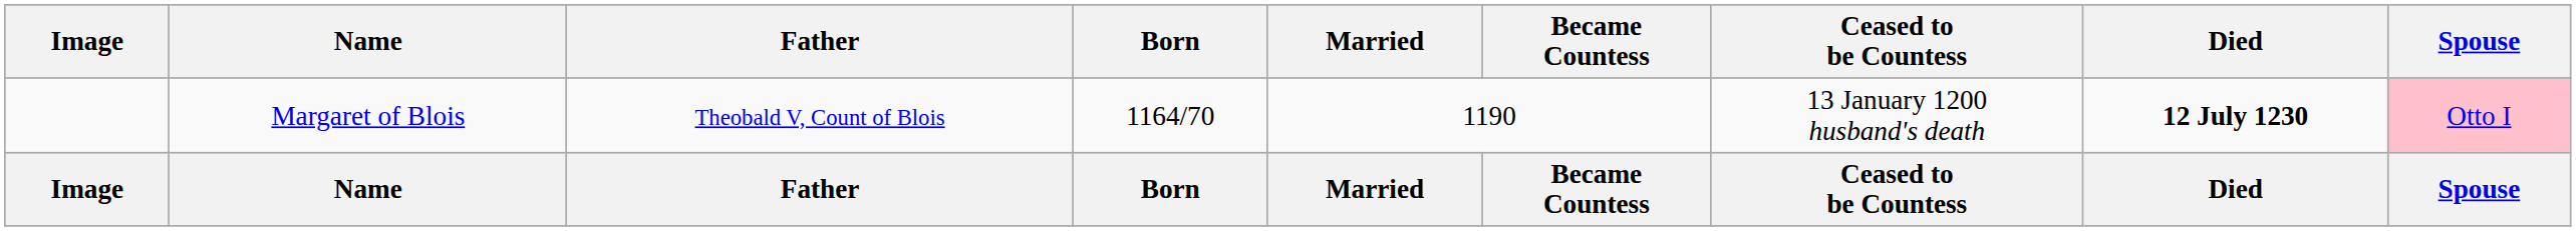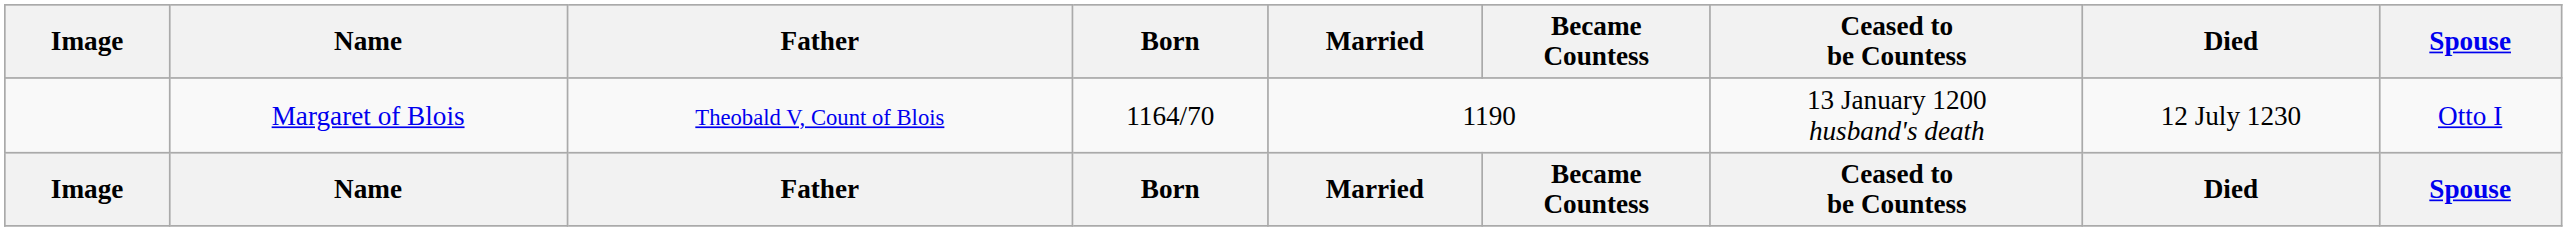 <table width=95% class="wikitable">
 <tr>
 <th>Image</th>
 <th>Name</th>
 <th>Father</th>
 <th>Born</th>
 <th>Married</th>
 <th>Became<br>Countess</th>
 <th>Ceased to<br>be Countess</th>
 <th>Died</th>
 <th><a href='#'>Spouse</a></th>
 </tr>
 <tr>
 <td align="center"></td>
 <td align="center"><a href='#'>Margaret of Blois</a></td>
 <td align="center"><small><a href='#'>Theobald V, Count of Blois</a></small></td>
 <td align=center>1164/70</td>
 <td align="center" colspan="2">1190</td>
 <td align=center>13 January 1200<br><em>husband's death</em></td>
-<td align="center"><strong>12 July 1230</strong></td>
-<td align="center" style="background: pink;"><a href='#'>Otto I</a></td>
+<td align="center">12 July 1230</td>
+<td align="center"><a href='#'>Otto I</a></td>
 </tr>
 <tr>
 <th>Image</th>
 <th>Name</th>
 <th>Father</th>
 <th>Born</th>
 <th>Married</th>
 <th>Became<br>Countess</th>
 <th>Ceased to<br>be Countess</th>
 <th>Died</th>
 <th><a href='#'>Spouse</a></th>
 </tr>
 </table>
